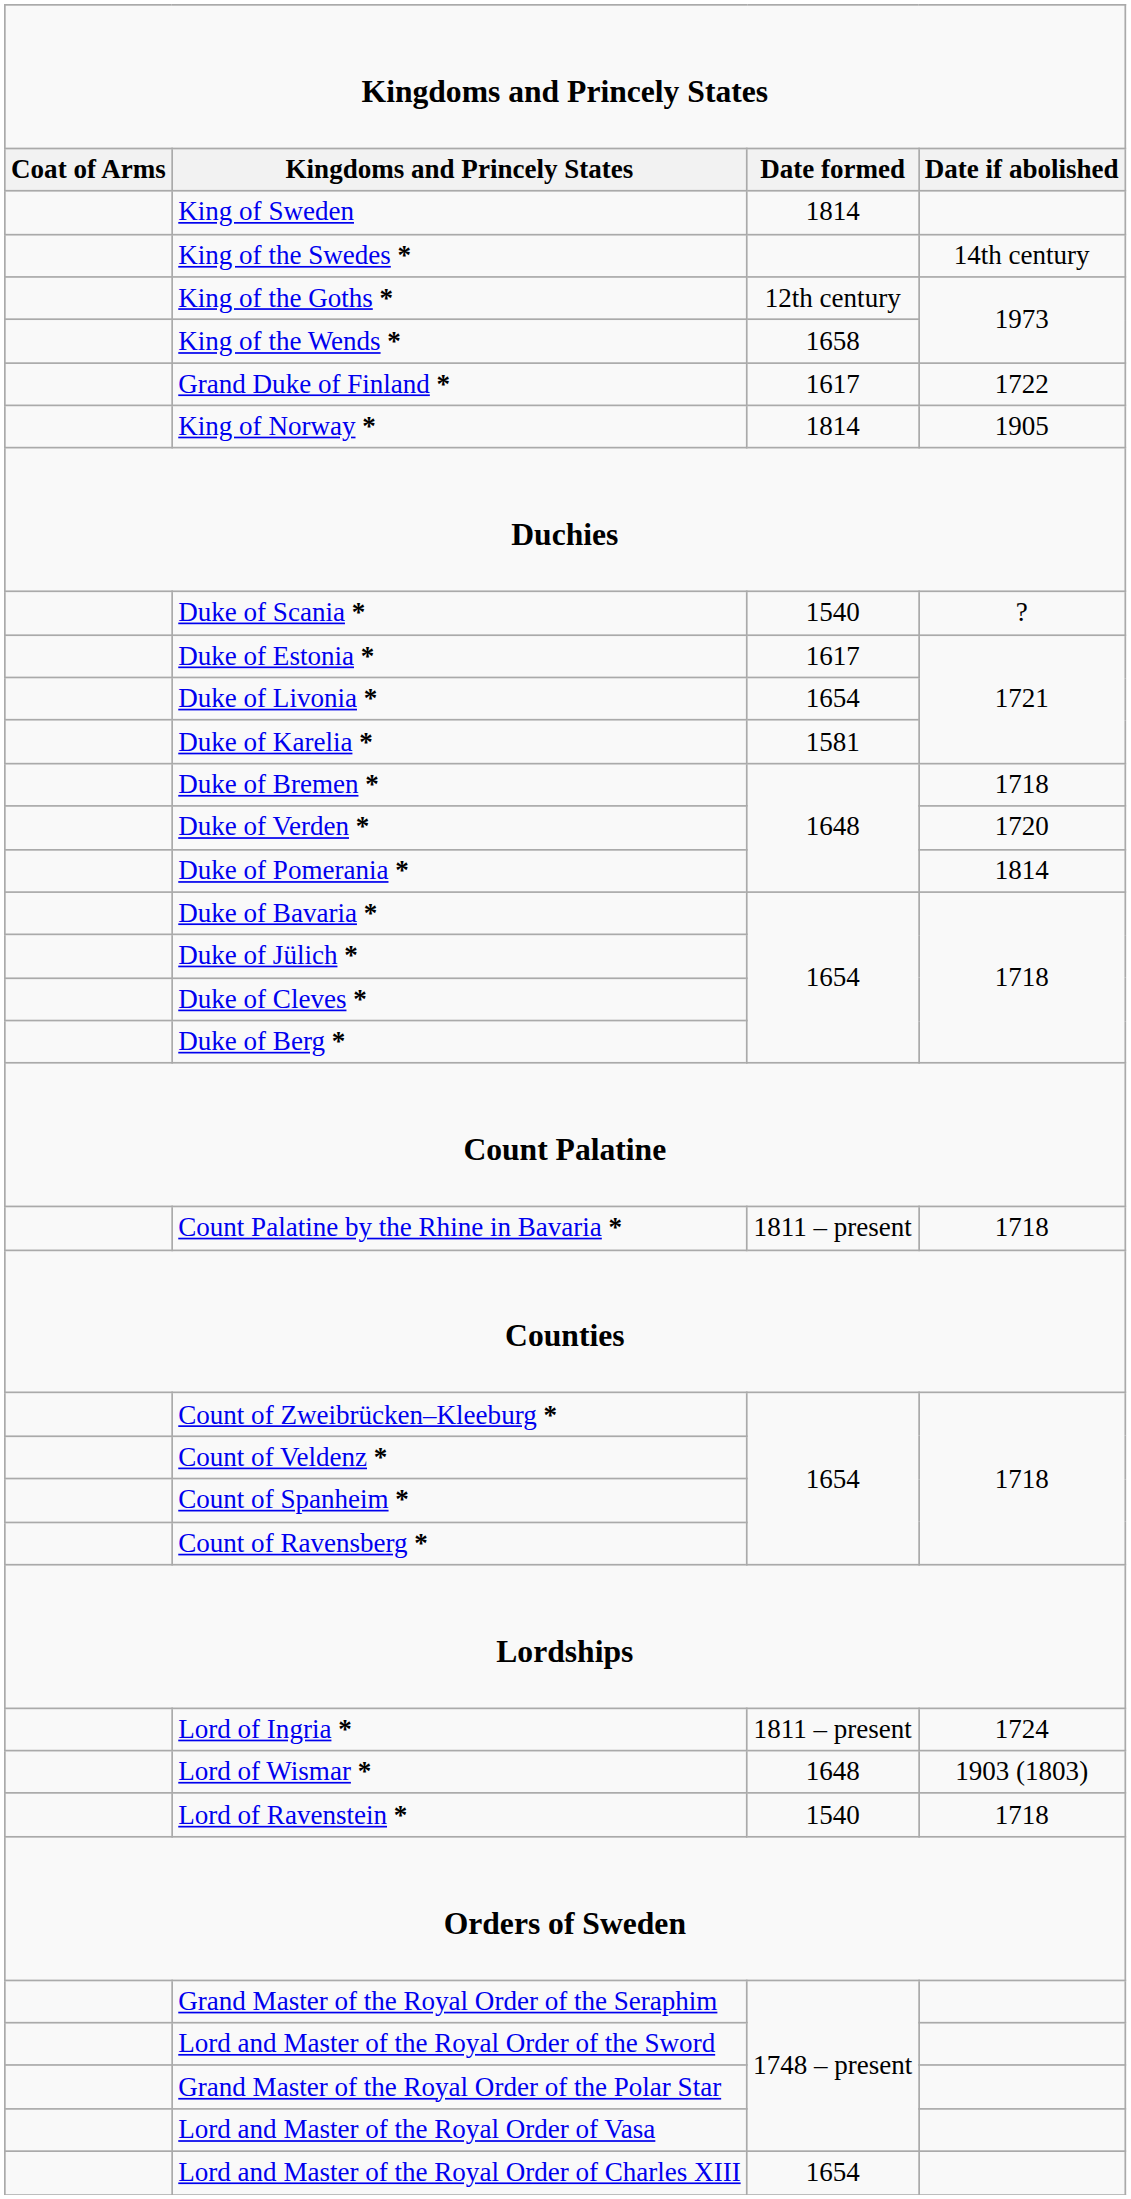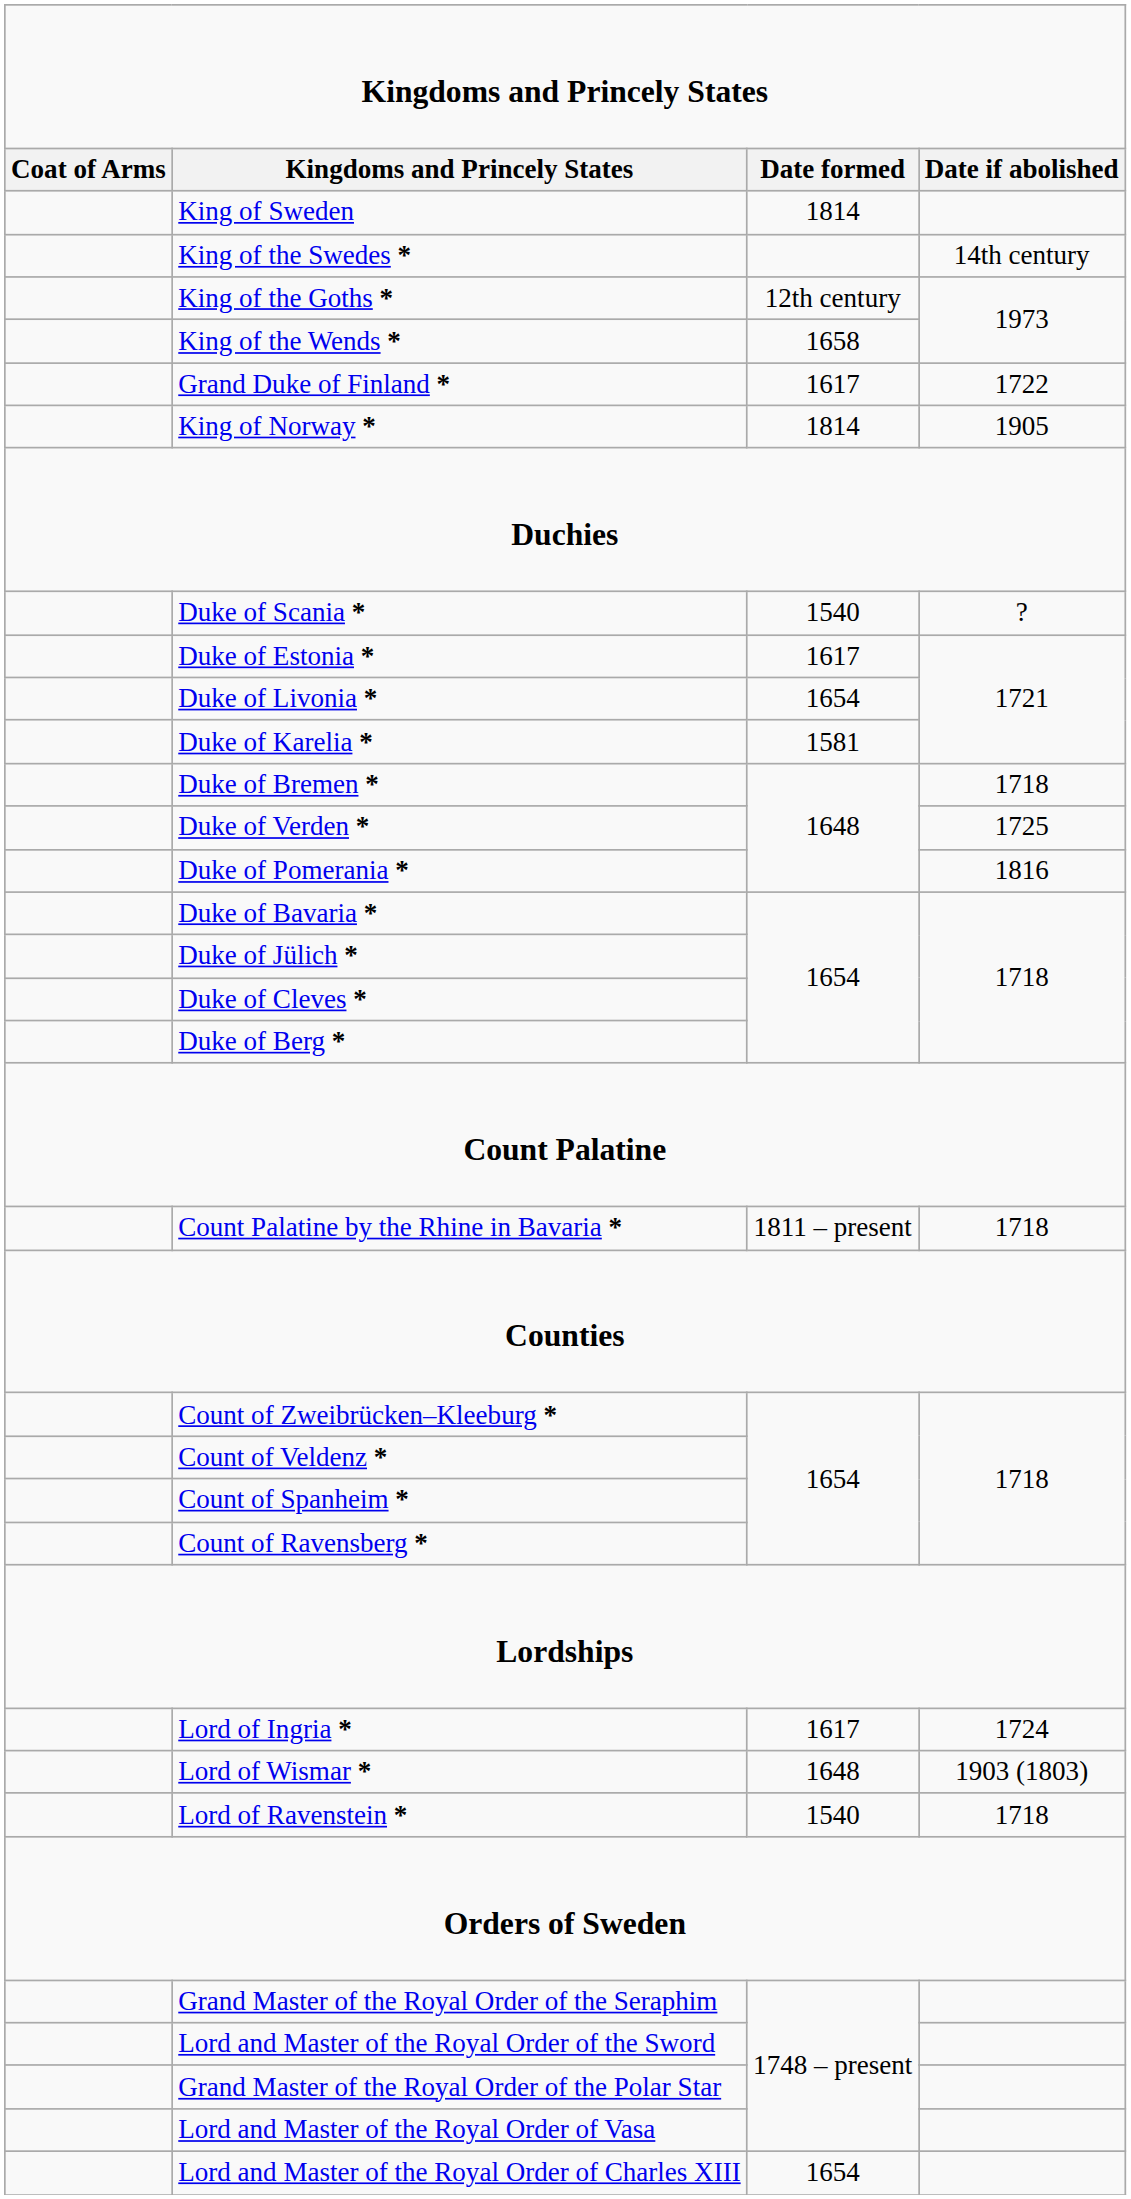 <table class="wikitable" style="clear:right; text-align:center">
 <tr>
 <td colspan="9"><br><h3>Kingdoms and Princely States</h3></td>
 </tr>
 <tr>
 <th>Coat of Arms</th>
 <th>Kingdoms and Princely States</th>
 <th>Date formed</th>
 <th>Date if abolished</th>
 </tr>
 <tr>
 <td></td>
 <td align="left"><a href='#'>King of Sweden</a></td>
 <td>1814</td>
 <td></td>
 </tr>
 <tr>
 <td></td>
 <td align="left"><a href='#'>King of the Swedes</a> <strong>*</strong></td>
 <td></td>
 <td>14th century</td>
 </tr>
 <tr>
 <td></td>
 <td align="left"><a href='#'>King of the Goths</a> <strong>*</strong></td>
 <td>12th century</td>
 <td rowspan="2">1973</td>
 </tr>
 <tr>
 <td></td>
 <td align="left"><a href='#'>King of the Wends</a> <strong>*</strong></td>
 <td>1658</td>
 </tr>
 <tr>
 <td></td>
 <td align="left"><a href='#'>Grand Duke of Finland</a> <strong>*</strong></td>
 <td>1617</td>
 <td>1722</td>
 </tr>
 <tr>
 <td></td>
 <td align="left"><a href='#'>King of Norway</a> <strong>*</strong></td>
 <td>1814</td>
 <td>1905</td>
 </tr>
 <tr>
 <td colspan="9"><br><h3>Duchies</h3></td>
 </tr>
 <tr>
 <td></td>
 <td align="left"><a href='#'>Duke of Scania</a> <strong>*</strong></td>
 <td>1540</td>
 <td>?</td>
 </tr>
 <tr>
 <td></td>
 <td align="left"><a href='#'>Duke of Estonia</a> <strong>*</strong></td>
 <td>1617</td>
 <td rowspan="3">1721</td>
 </tr>
 <tr>
 <td></td>
 <td align="left"><a href='#'>Duke of Livonia</a> <strong>*</strong></td>
 <td>1654</td>
 </tr>
 <tr>
 <td></td>
 <td align="left"><a href='#'>Duke of Karelia</a> <strong>*</strong></td>
 <td>1581</td>
 </tr>
 <tr>
 <td></td>
 <td align="left"><a href='#'>Duke of Bremen</a> <strong>*</strong></td>
 <td rowspan="3">1648</td>
 <td>1718</td>
 </tr>
 <tr>
 <td></td>
 <td align="left"><a href='#'>Duke of Verden</a> <strong>*</strong></td>
-<td>1720</td>
+<td>1725</td>
 </tr>
 <tr>
 <td></td>
 <td align="left"><a href='#'>Duke of Pomerania</a> <strong>*</strong></td>
-<td>1814</td>
+<td>1816</td>
 </tr>
 <tr>
 <td></td>
 <td align="left"><a href='#'>Duke of Bavaria</a> <strong>*</strong></td>
 <td rowspan="4">1654</td>
 <td rowspan="4">1718</td>
 </tr>
 <tr>
 <td></td>
 <td align="left"><a href='#'>Duke of Jülich</a> <strong>*</strong></td>
 </tr>
 <tr>
 <td></td>
 <td align="left"><a href='#'>Duke of Cleves</a> <strong>*</strong></td>
 </tr>
 <tr>
 <td></td>
 <td align="left"><a href='#'>Duke of Berg</a> <strong>*</strong></td>
 </tr>
 <tr>
 <td colspan="9"><br><h3>Count Palatine</h3></td>
 </tr>
 <tr>
 <td></td>
 <td align="left"><a href='#'>Count Palatine by the Rhine in Bavaria</a> <strong>*</strong></td>
 <td>1811 – present</td>
 <td>1718</td>
 </tr>
 <tr>
 <td colspan="9"><br><h3>Counties</h3></td>
 </tr>
 <tr>
 <td></td>
 <td align="left"><a href='#'>Count of Zweibrücken–Kleeburg</a> <strong>*</strong></td>
 <td rowspan="4">1654</td>
 <td rowspan="4">1718</td>
 </tr>
 <tr>
 <td></td>
 <td align="left"><a href='#'>Count of Veldenz</a> <strong>*</strong></td>
 </tr>
 <tr>
 <td></td>
 <td align="left"><a href='#'>Count of Spanheim</a> <strong>*</strong></td>
 </tr>
 <tr>
 <td></td>
 <td align="left"><a href='#'>Count of Ravensberg</a> <strong>*</strong></td>
 </tr>
 <tr>
 <td colspan="9"><br><h3>Lordships</h3></td>
 </tr>
 <tr>
 <td></td>
 <td align="left"><a href='#'>Lord of Ingria</a> <strong>*</strong></td>
-<td>1811 – present</td>
+<td>1617</td>
 <td>1724</td>
 </tr>
 <tr>
 <td></td>
 <td align="left"><a href='#'>Lord of Wismar</a> <strong>*</strong></td>
 <td>1648</td>
 <td>1903 (1803)</td>
 </tr>
 <tr>
 <td></td>
 <td align="left"><a href='#'>Lord of Ravenstein</a> <strong>*</strong></td>
 <td>1540</td>
 <td>1718</td>
 </tr>
 <tr>
 <td colspan="9"><br><h3>Orders of Sweden</h3></td>
 </tr>
 <tr>
 <td></td>
 <td align="left"><a href='#'>Grand Master of the Royal Order of the Seraphim</a></td>
 <td rowspan="4">1748 – present</td>
 <td></td>
 </tr>
 <tr>
 <td></td>
 <td align="left"><a href='#'>Lord and Master of the Royal Order of the Sword</a></td>
 <td></td>
 </tr>
 <tr>
 <td></td>
 <td align="left"><a href='#'>Grand Master of the Royal Order of the Polar Star</a></td>
 <td></td>
 </tr>
 <tr>
 <td></td>
 <td align="left"><a href='#'>Lord and Master of the Royal Order of Vasa</a></td>
 <td></td>
 </tr>
 <tr>
 <td></td>
 <td align="left"><a href='#'>Lord and Master of the Royal Order of Charles XIII</a></td>
 <td>1654</td>
 <td></td>
 </tr>
 </table>
